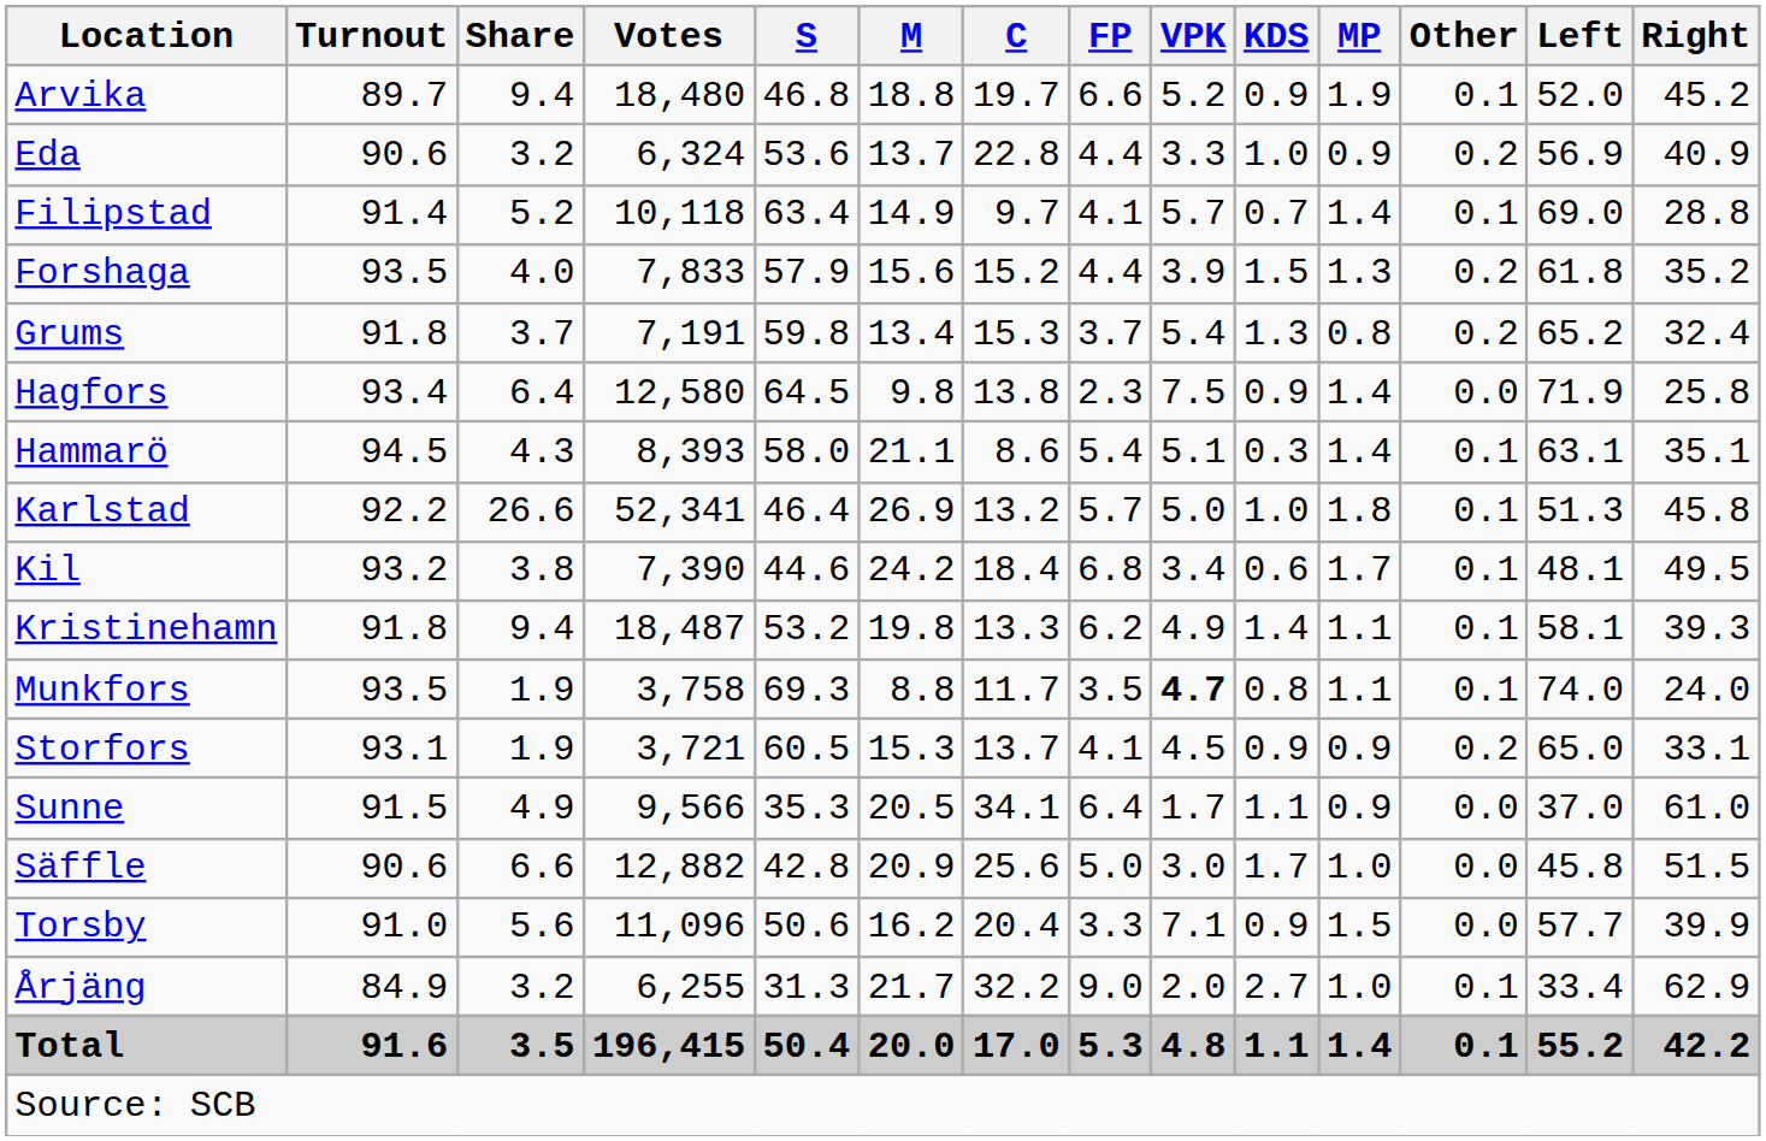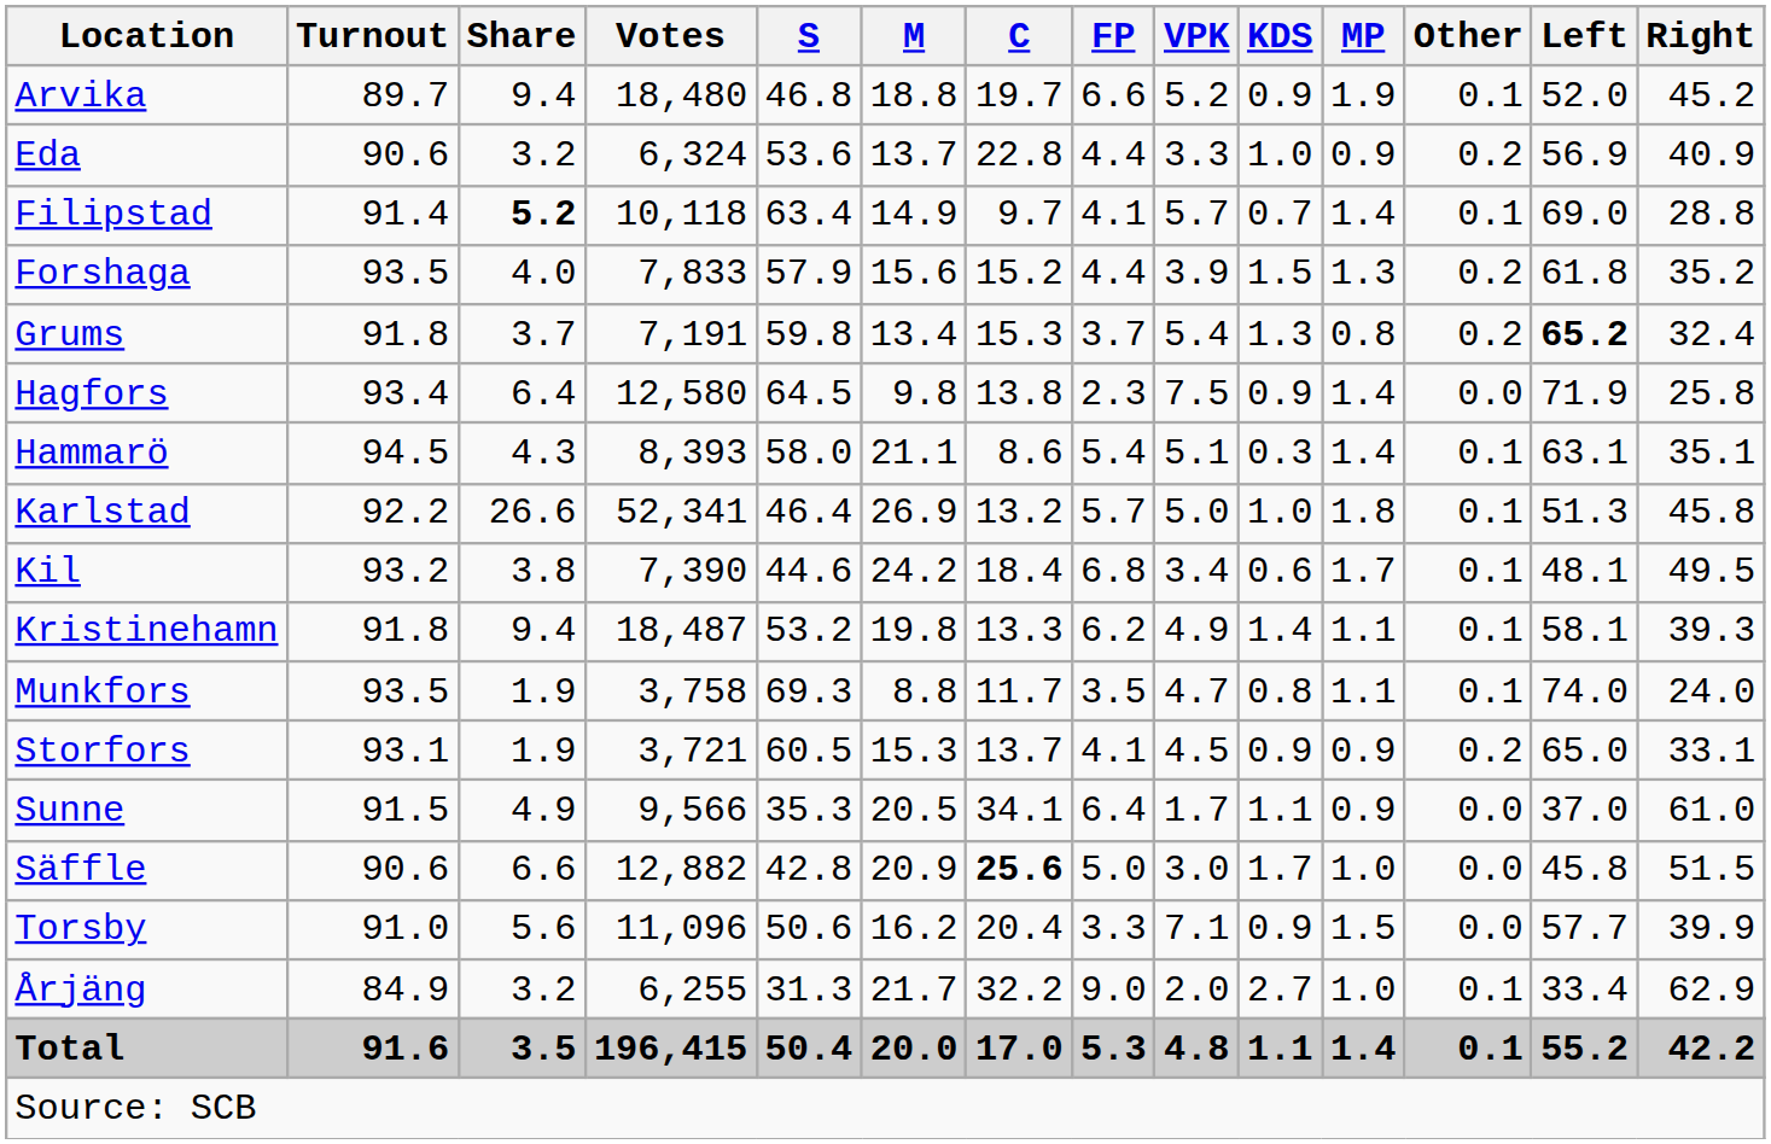 <table class="wikitable sortable" style=text-align:right>
 <tr>
 <th>Location</th>
 <th>Turnout</th>
 <th>Share</th>
 <th>Votes</th>
 <th><a href='#'>S</a></th>
 <th><a href='#'>M</a></th>
 <th><a href='#'>C</a></th>
 <th><a href='#'>FP</a></th>
 <th><a href='#'>VPK</a></th>
 <th><a href='#'>KDS</a></th>
 <th><a href='#'>MP</a></th>
 <th>Other</th>
 <th>Left</th>
 <th>Right</th>
 </tr>
 <tr>
 <td align=left><a href='#'>Arvika</a></td>
 <td>89.7</td>
 <td>9.4</td>
 <td>18,480</td>
 <td>46.8</td>
 <td>18.8</td>
 <td>19.7</td>
 <td>6.6</td>
 <td>5.2</td>
 <td>0.9</td>
 <td>1.9</td>
 <td>0.1</td>
 <td>52.0</td>
 <td>45.2</td>
 </tr>
 <tr>
 <td align=left><a href='#'>Eda</a></td>
 <td>90.6</td>
 <td>3.2</td>
 <td>6,324</td>
 <td>53.6</td>
 <td>13.7</td>
 <td>22.8</td>
 <td>4.4</td>
 <td>3.3</td>
 <td>1.0</td>
 <td>0.9</td>
 <td>0.2</td>
 <td>56.9</td>
 <td>40.9</td>
 </tr>
 <tr>
 <td align=left><a href='#'>Filipstad</a></td>
 <td>91.4</td>
-<td>5.2</td>
+<td><strong>5.2</strong></td>
 <td>10,118</td>
 <td>63.4</td>
 <td>14.9</td>
 <td>9.7</td>
 <td>4.1</td>
 <td>5.7</td>
 <td>0.7</td>
 <td>1.4</td>
 <td>0.1</td>
 <td>69.0</td>
 <td>28.8</td>
 </tr>
 <tr>
 <td align=left><a href='#'>Forshaga</a></td>
 <td>93.5</td>
 <td>4.0</td>
 <td>7,833</td>
 <td>57.9</td>
 <td>15.6</td>
 <td>15.2</td>
 <td>4.4</td>
 <td>3.9</td>
 <td>1.5</td>
 <td>1.3</td>
 <td>0.2</td>
 <td>61.8</td>
 <td>35.2</td>
 </tr>
 <tr>
 <td align=left><a href='#'>Grums</a></td>
 <td>91.8</td>
 <td>3.7</td>
 <td>7,191</td>
 <td>59.8</td>
 <td>13.4</td>
 <td>15.3</td>
 <td>3.7</td>
 <td>5.4</td>
 <td>1.3</td>
 <td>0.8</td>
 <td>0.2</td>
-<td>65.2</td>
+<td><strong>65.2</strong></td>
 <td>32.4</td>
 </tr>
 <tr>
 <td align=left><a href='#'>Hagfors</a></td>
 <td>93.4</td>
 <td>6.4</td>
 <td>12,580</td>
 <td>64.5</td>
 <td>9.8</td>
 <td>13.8</td>
 <td>2.3</td>
 <td>7.5</td>
 <td>0.9</td>
 <td>1.4</td>
 <td>0.0</td>
 <td>71.9</td>
 <td>25.8</td>
 </tr>
 <tr>
 <td align=left><a href='#'>Hammarö</a></td>
 <td>94.5</td>
 <td>4.3</td>
 <td>8,393</td>
 <td>58.0</td>
 <td>21.1</td>
 <td>8.6</td>
 <td>5.4</td>
 <td>5.1</td>
 <td>0.3</td>
 <td>1.4</td>
 <td>0.1</td>
 <td>63.1</td>
 <td>35.1</td>
 </tr>
 <tr>
 <td align=left><a href='#'>Karlstad</a></td>
 <td>92.2</td>
 <td>26.6</td>
 <td>52,341</td>
 <td>46.4</td>
 <td>26.9</td>
 <td>13.2</td>
 <td>5.7</td>
 <td>5.0</td>
 <td>1.0</td>
 <td>1.8</td>
 <td>0.1</td>
 <td>51.3</td>
 <td>45.8</td>
 </tr>
 <tr>
 <td align=left><a href='#'>Kil</a></td>
 <td>93.2</td>
 <td>3.8</td>
 <td>7,390</td>
 <td>44.6</td>
 <td>24.2</td>
 <td>18.4</td>
 <td>6.8</td>
 <td>3.4</td>
 <td>0.6</td>
 <td>1.7</td>
 <td>0.1</td>
 <td>48.1</td>
 <td>49.5</td>
 </tr>
 <tr>
 <td align=left><a href='#'>Kristinehamn</a></td>
 <td>91.8</td>
 <td>9.4</td>
 <td>18,487</td>
 <td>53.2</td>
 <td>19.8</td>
 <td>13.3</td>
 <td>6.2</td>
 <td>4.9</td>
 <td>1.4</td>
 <td>1.1</td>
 <td>0.1</td>
 <td>58.1</td>
 <td>39.3</td>
 </tr>
 <tr>
 <td align=left><a href='#'>Munkfors</a></td>
 <td>93.5</td>
 <td>1.9</td>
 <td>3,758</td>
 <td>69.3</td>
 <td>8.8</td>
 <td>11.7</td>
 <td>3.5</td>
-<td><strong>4.7</strong></td>
+<td>4.7</td>
 <td>0.8</td>
 <td>1.1</td>
 <td>0.1</td>
 <td>74.0</td>
 <td>24.0</td>
 </tr>
 <tr>
 <td align=left><a href='#'>Storfors</a></td>
 <td>93.1</td>
 <td>1.9</td>
 <td>3,721</td>
 <td>60.5</td>
 <td>15.3</td>
 <td>13.7</td>
 <td>4.1</td>
 <td>4.5</td>
 <td>0.9</td>
 <td>0.9</td>
 <td>0.2</td>
 <td>65.0</td>
 <td>33.1</td>
 </tr>
 <tr>
 <td align=left><a href='#'>Sunne</a></td>
 <td>91.5</td>
 <td>4.9</td>
 <td>9,566</td>
 <td>35.3</td>
 <td>20.5</td>
 <td>34.1</td>
 <td>6.4</td>
 <td>1.7</td>
 <td>1.1</td>
 <td>0.9</td>
 <td>0.0</td>
 <td>37.0</td>
 <td>61.0</td>
 </tr>
 <tr>
 <td align=left><a href='#'>Säffle</a></td>
 <td>90.6</td>
 <td>6.6</td>
 <td>12,882</td>
 <td>42.8</td>
 <td>20.9</td>
-<td>25.6</td>
+<td><strong>25.6</strong></td>
 <td>5.0</td>
 <td>3.0</td>
 <td>1.7</td>
 <td>1.0</td>
 <td>0.0</td>
 <td>45.8</td>
 <td>51.5</td>
 </tr>
 <tr>
 <td align=left><a href='#'>Torsby</a></td>
 <td>91.0</td>
 <td>5.6</td>
 <td>11,096</td>
 <td>50.6</td>
 <td>16.2</td>
 <td>20.4</td>
 <td>3.3</td>
 <td>7.1</td>
 <td>0.9</td>
 <td>1.5</td>
 <td>0.0</td>
 <td>57.7</td>
 <td>39.9</td>
 </tr>
 <tr>
 <td align=left><a href='#'>Årjäng</a></td>
 <td>84.9</td>
 <td>3.2</td>
 <td>6,255</td>
 <td>31.3</td>
 <td>21.7</td>
 <td>32.2</td>
 <td>9.0</td>
 <td>2.0</td>
 <td>2.7</td>
 <td>1.0</td>
 <td>0.1</td>
 <td>33.4</td>
 <td>62.9</td>
 </tr>
 <tr>
 </tr>
 <tr style="background:#CDCDCD;">
 <td align=left><strong>Total</strong></td>
 <td><strong>91.6</strong></td>
 <td><strong>3.5</strong></td>
 <td><strong>196,415</strong></td>
 <td><strong>50.4</strong></td>
 <td><strong>20.0</strong></td>
 <td><strong>17.0</strong></td>
 <td><strong>5.3</strong></td>
 <td><strong>4.8</strong></td>
 <td><strong>1.1</strong></td>
 <td><strong>1.4</strong></td>
 <td><strong>0.1</strong></td>
 <td><strong>55.2</strong></td>
 <td><strong>42.2</strong></td>
 </tr>
 <tr>
 <td align=left colspan=14>Source: SCB </td>
 </tr>
 </table>
